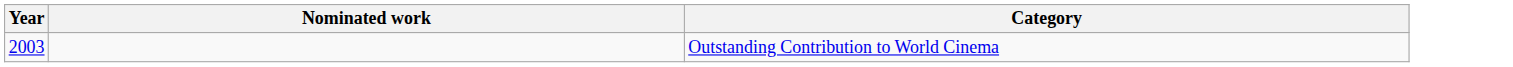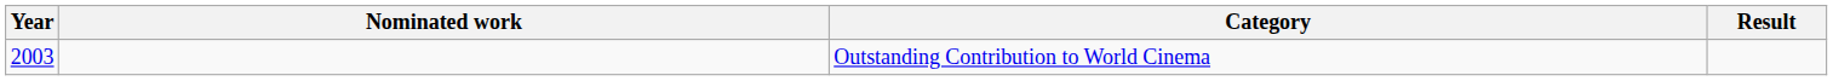 <table class="wikitable">
 <tr>
 <th scope="col" style="width:1em;">Year</th>
 <th scope="col" style="width:35em;">Nominated work</th>
 <th scope="col" style="width:40em;">Category</th>
+<th scope="col" style="width:5em;">Result</th>
 </tr>
 <tr>
 <td><a href='#'>2003</a></td>
 <td></td>
 <td><a href='#'>Outstanding Contribution to World Cinema</a></td>
+<td></td>
 </tr>
 </table>
